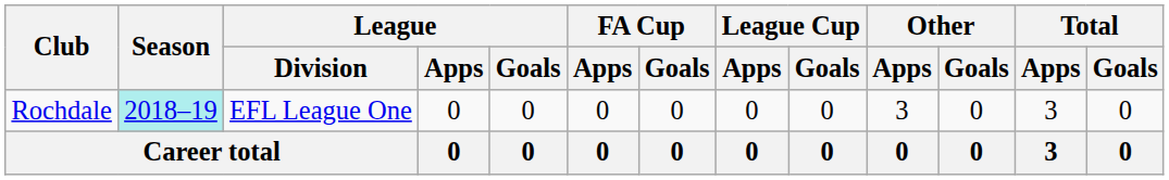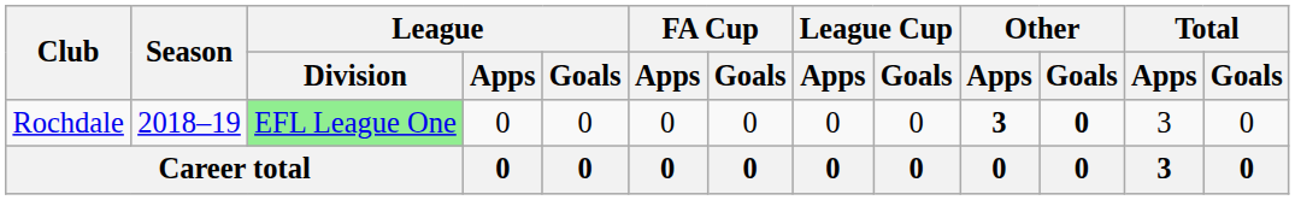 <table class="wikitable" style="text-align: center;">
 <tr>
 <th rowspan="2">Club</th>
 <th rowspan="2">Season</th>
 <th colspan="3">League</th>
 <th colspan="2">FA Cup</th>
 <th colspan="2">League Cup</th>
 <th colspan="2">Other</th>
 <th colspan="2">Total</th>
 </tr>
 <tr>
 <th>Division</th>
 <th>Apps</th>
 <th>Goals</th>
 <th>Apps</th>
 <th>Goals</th>
 <th>Apps</th>
 <th>Goals</th>
 <th>Apps</th>
 <th>Goals</th>
 <th>Apps</th>
 <th>Goals</th>
 </tr>
 <tr>
 <td><a href='#'>Rochdale</a></td>
-<td style="background: paleturquoise;"><a href='#'>2018–19</a></td>
-<td><a href='#'>EFL League One</a></td>
+<td><a href='#'>2018–19</a></td>
+<td style="background: lightgreen;"><a href='#'>EFL League One</a></td>
 <td>0</td>
 <td>0</td>
 <td>0</td>
 <td>0</td>
 <td>0</td>
 <td>0</td>
-<td>3</td>
-<td>0</td>
+<td><strong>3</strong></td>
+<td><strong>0</strong></td>
 <td>3</td>
 <td>0</td>
 </tr>
 <tr>
 <th colspan="3">Career total</th>
 <th>0</th>
 <th>0</th>
 <th>0</th>
 <th>0</th>
 <th>0</th>
 <th>0</th>
 <th>0</th>
 <th>0</th>
 <th>3</th>
 <th>0</th>
 </tr>
 </table>
